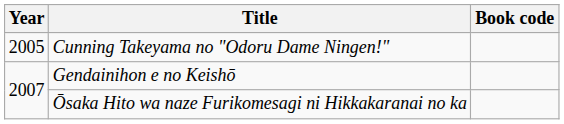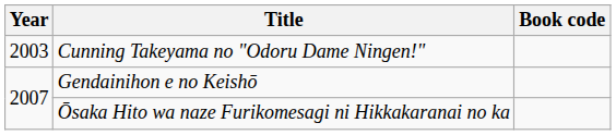 <table class="wikitable">
 <tr>
 <th>Year</th>
 <th>Title</th>
 <th>Book code</th>
 </tr>
 <tr>
-<td>2005</td>
+<td>2003</td>
 <td><em>Cunning Takeyama no "Odoru Dame Ningen!"</em></td>
 <td></td>
 </tr>
 <tr>
 <td rowspan="2">2007</td>
 <td><em>Gendainihon e no Keishō</em></td>
 <td></td>
 </tr>
 <tr>
 <td><em>Ōsaka Hito wa naze Furikomesagi ni Hikkakaranai no ka</em></td>
 <td></td>
 </tr>
 </table>
